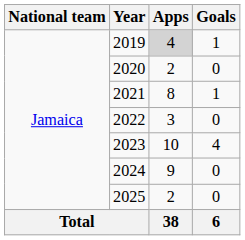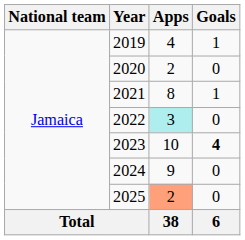 <table class="wikitable" style="text-align:center">
 <tr>
 <th>National team</th>
 <th>Year</th>
 <th>Apps</th>
 <th>Goals</th>
 </tr>
 <tr>
 <td rowspan="7"><a href='#'>Jamaica</a></td>
 <td>2019</td>
-<td style="background: lightgrey;">4</td>
+<td>4</td>
 <td>1</td>
 </tr>
 <tr>
 <td>2020</td>
 <td>2</td>
 <td>0</td>
 </tr>
 <tr>
 <td>2021</td>
 <td>8</td>
 <td>1</td>
 </tr>
 <tr>
 <td>2022</td>
-<td>3</td>
+<td style="background: paleturquoise;">3</td>
 <td>0</td>
 </tr>
 <tr>
 <td>2023</td>
 <td>10</td>
-<td>4</td>
+<td><strong>4</strong></td>
 </tr>
 <tr>
 <td>2024</td>
 <td>9</td>
 <td>0</td>
 </tr>
 <tr>
 <td>2025</td>
-<td>2</td>
+<td style="background: lightsalmon;">2</td>
 <td>0</td>
 </tr>
 <tr>
 <th colspan="2">Total</th>
 <th>38</th>
 <th>6</th>
 </tr>
 </table>
